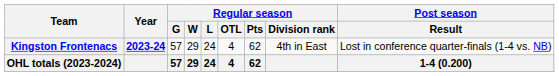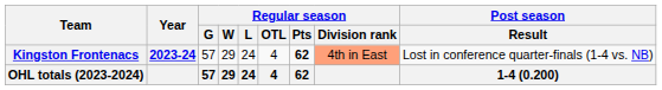 <table class="wikitable" style="font-size: 95%; text-align:center;">
 <tr>
 <th rowspan="2">Team</th>
 <th rowspan="2">Year</th>
 <th colspan="6"><a href='#'>Regular season</a></th>
 <th colspan="1"><a href='#'>Post season</a></th>
 </tr>
 <tr>
 <th>G</th>
 <th>W</th>
 <th>L</th>
 <th>OTL</th>
 <th>Pts</th>
 <th>Division rank</th>
 <th>Result</th>
 </tr>
 <tr>
 <th><a href='#'>Kingston Frontenacs</a></th>
 <th><a href='#'>2023-24</a></th>
 <td>57</td>
 <td>29</td>
 <td>24</td>
 <td>4</td>
-<td>62</td>
-<td>4th in East</td>
+<td><strong>62</strong></td>
+<td style="background: lightsalmon;">4th in East</td>
 <td>Lost in conference quarter-finals (1-4 vs. <a href='#'>NB</a>)</td>
 </tr>
 <tr align="centre" bgcolor="#dddddd">
 <th>OHL totals (2023-2024)</th>
 <th></th>
 <th>57</th>
 <th>29</th>
 <th>24</th>
 <th>4</th>
 <th>62</th>
 <th></th>
 <th>1-4 (0.200)</th>
 </tr>
 </table>
